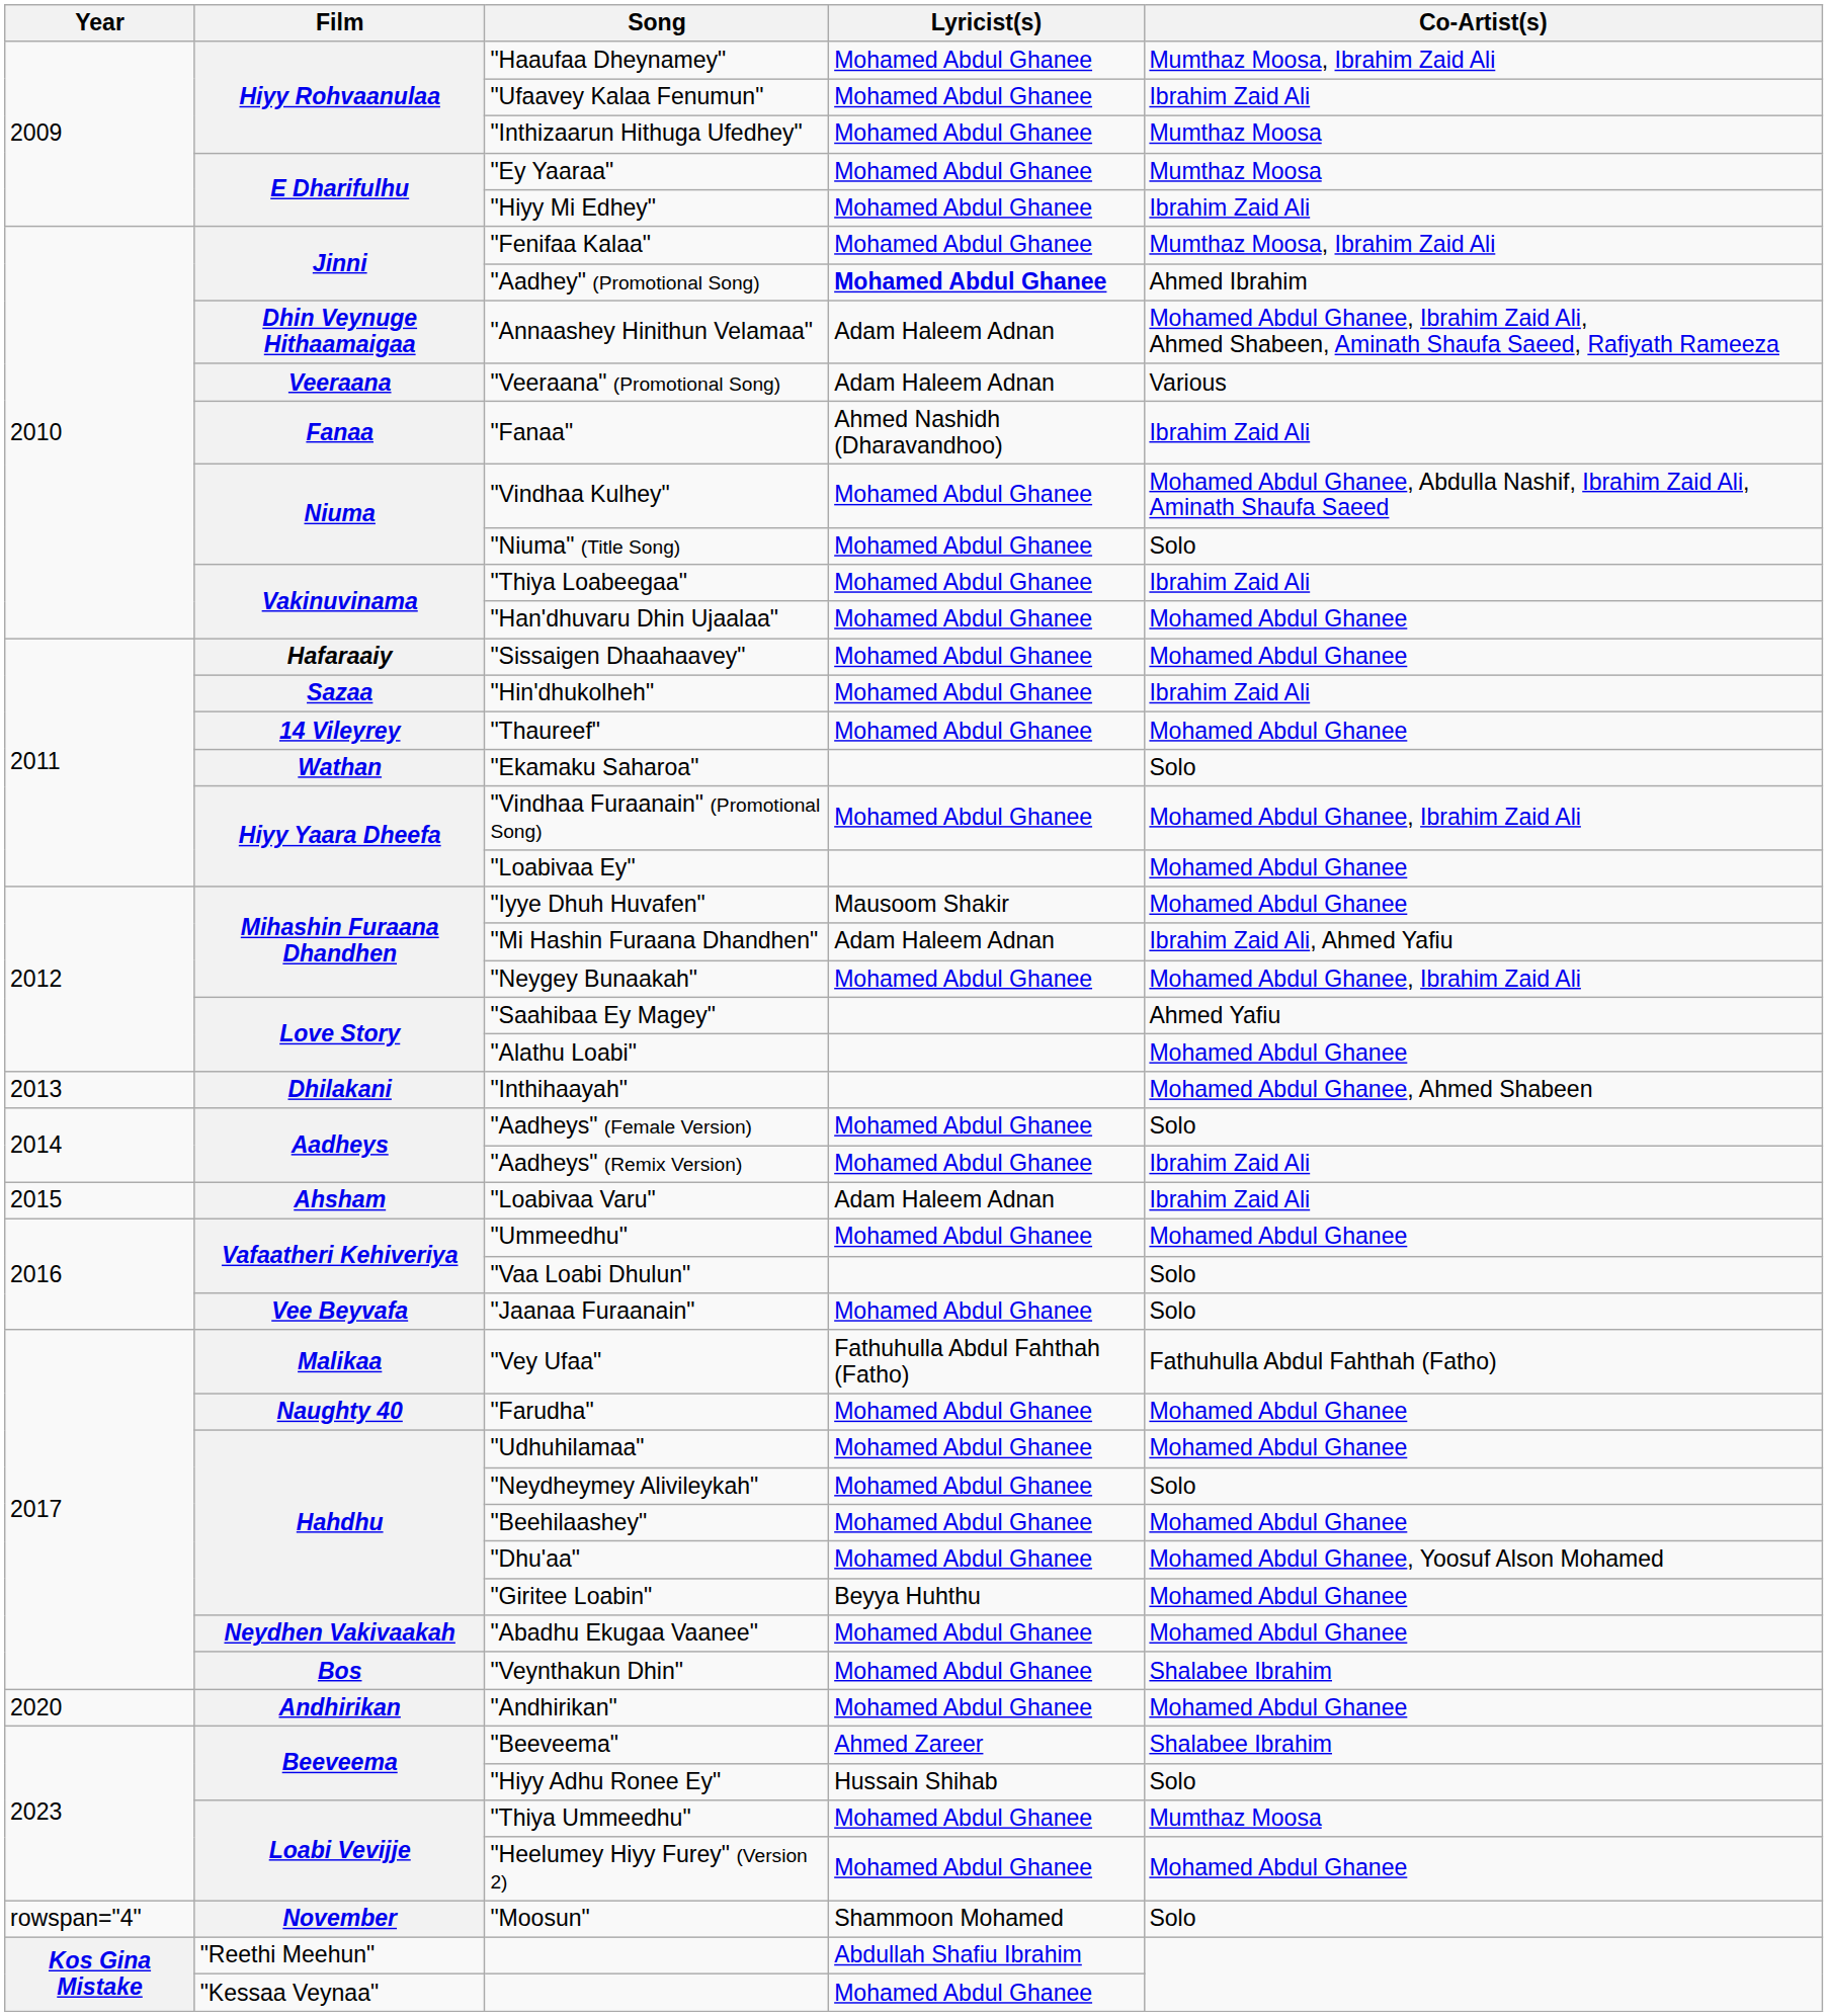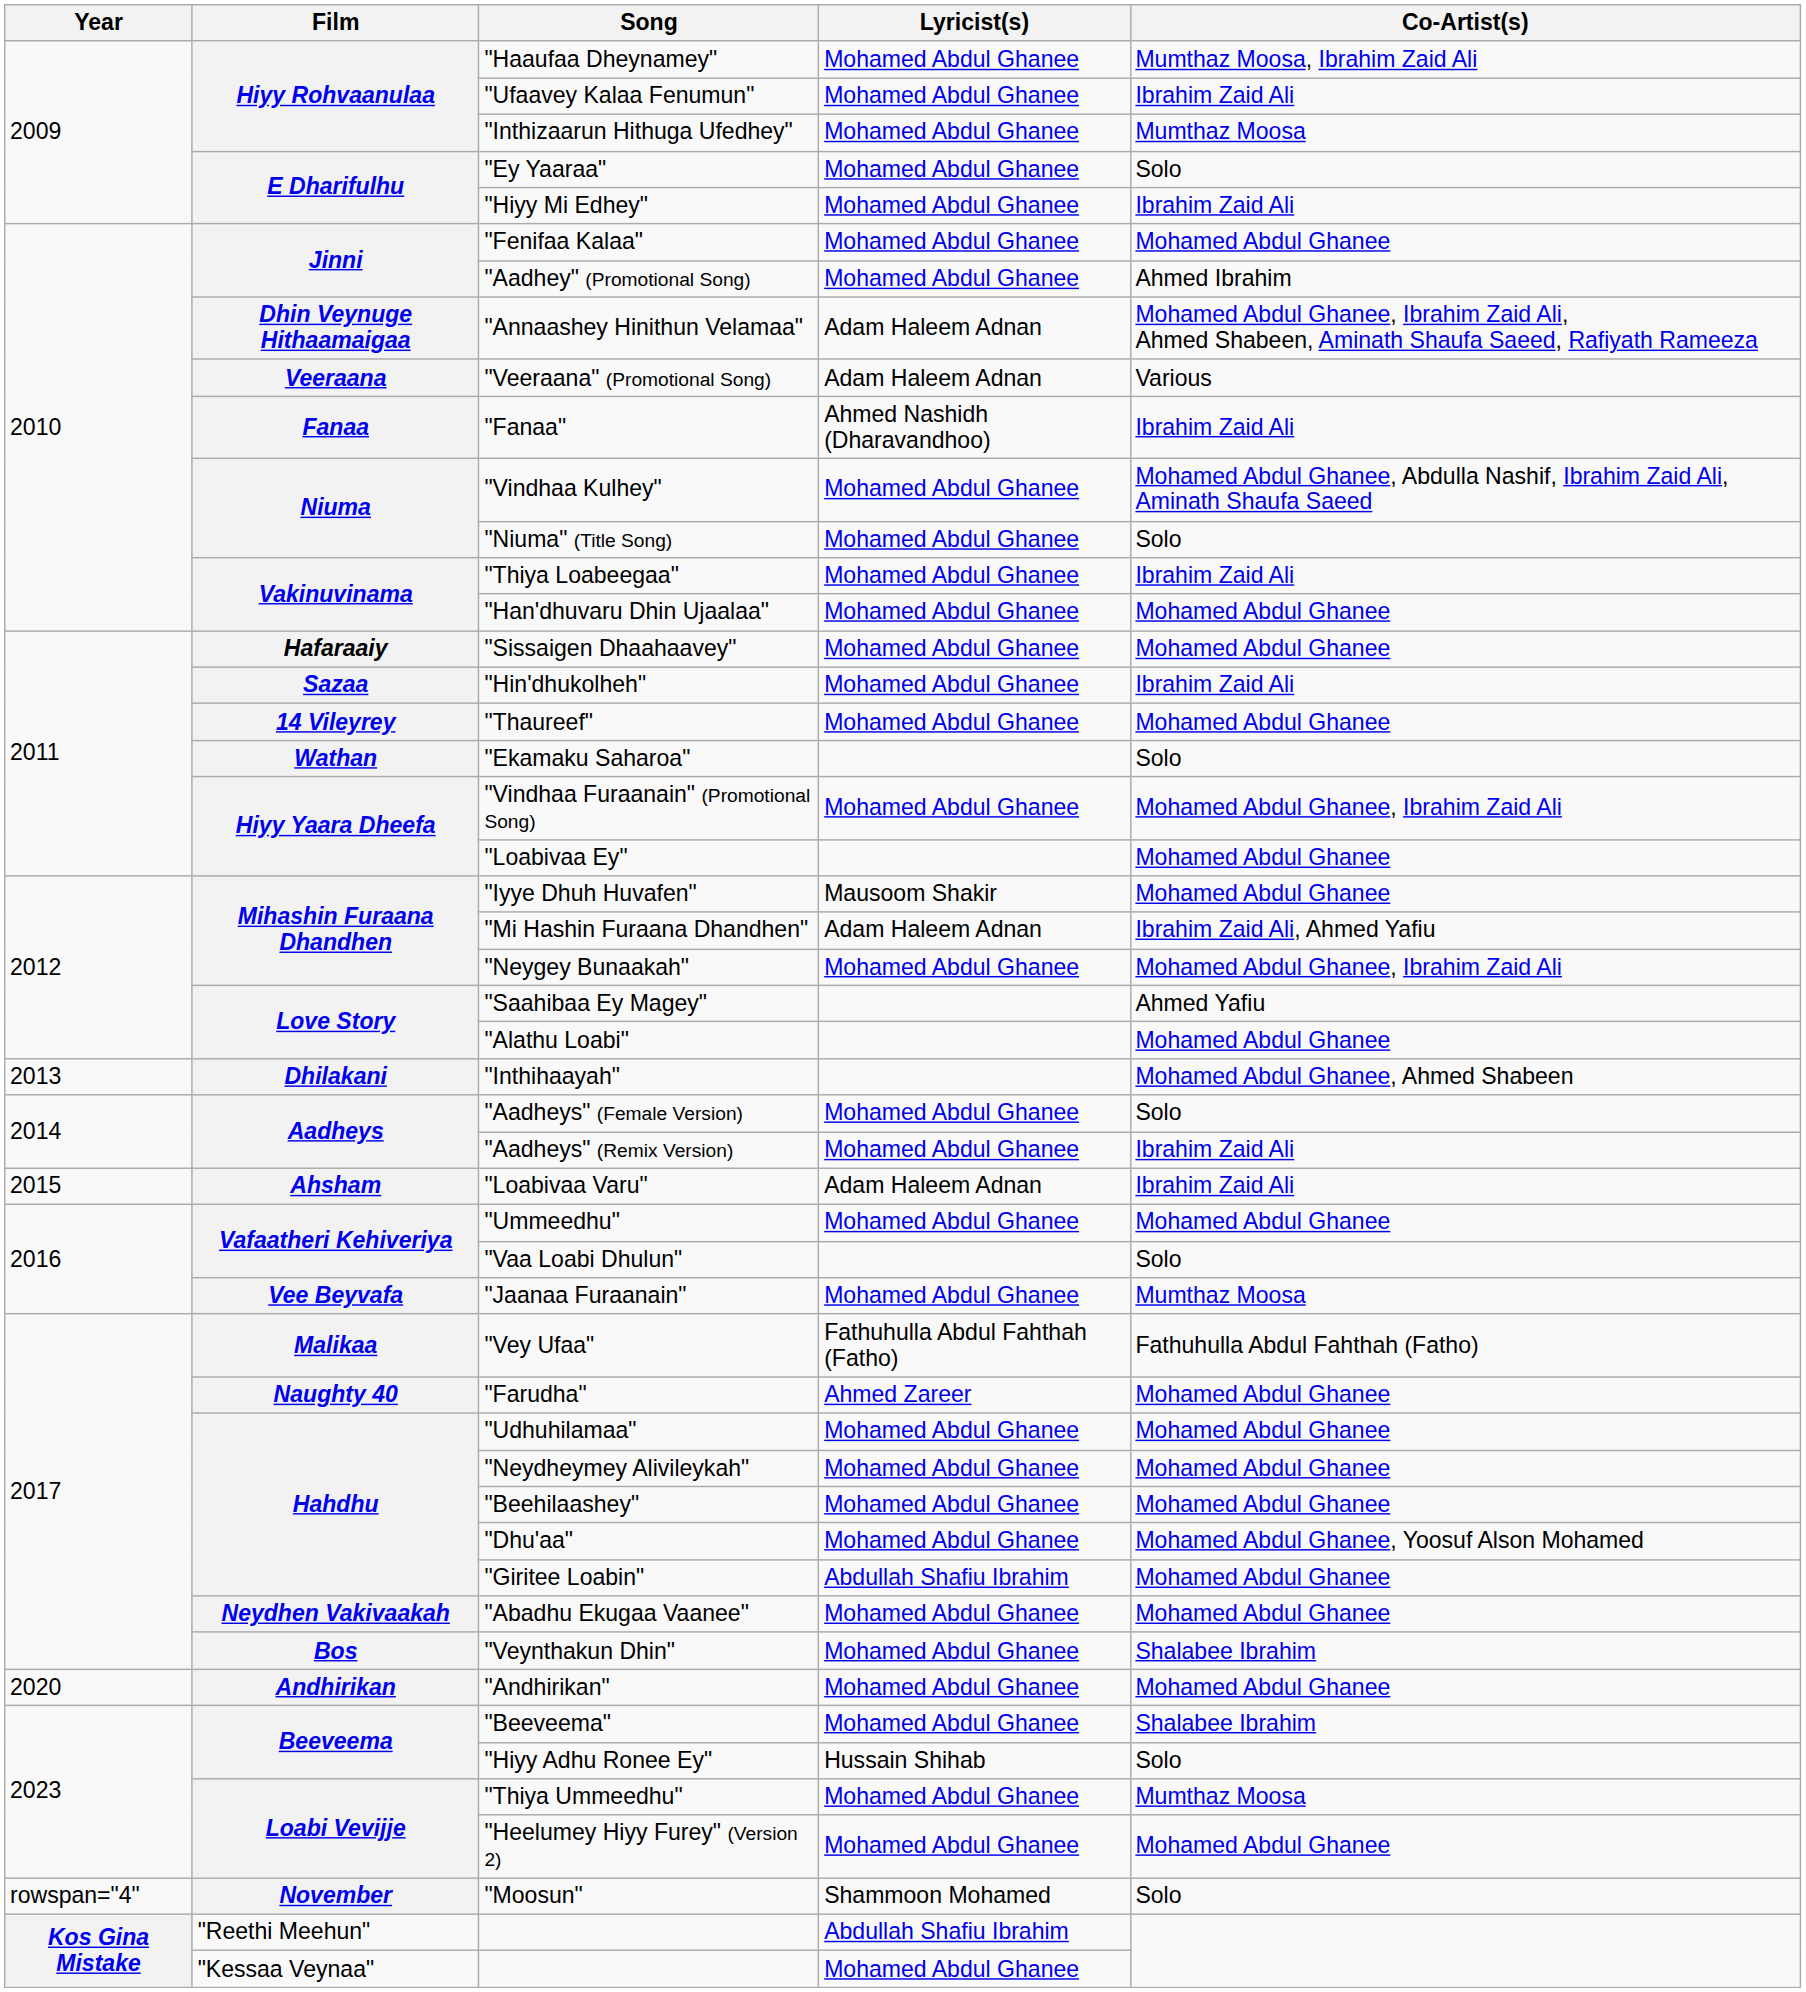 <table class="wikitable plainrowheaders">
 <tr>
 <th scope="col">Year</th>
 <th scope="col">Film</th>
 <th scope="col">Song</th>
 <th>Lyricist(s)</th>
 <th scope="col">Co-Artist(s)</th>
 </tr>
 <tr>
 <td rowspan="5">2009</td>
 <th rowspan="3" scope="row"><em><a href='#'>Hiyy Rohvaanulaa</a></em></th>
 <td>"Haaufaa Dheynamey"</td>
 <td><a href='#'>Mohamed Abdul Ghanee</a></td>
 <td><a href='#'>Mumthaz Moosa</a>, <a href='#'>Ibrahim Zaid Ali</a></td>
 </tr>
 <tr>
 <td>"Ufaavey Kalaa Fenumun"</td>
 <td><a href='#'>Mohamed Abdul Ghanee</a></td>
 <td><a href='#'>Ibrahim Zaid Ali</a></td>
 </tr>
 <tr>
 <td>"Inthizaarun Hithuga Ufedhey"</td>
 <td><a href='#'>Mohamed Abdul Ghanee</a></td>
 <td><a href='#'>Mumthaz Moosa</a></td>
 </tr>
 <tr>
 <th scope="row" rowspan="2"><em><a href='#'>E Dharifulhu</a></em></th>
 <td>"Ey Yaaraa"</td>
 <td><a href='#'>Mohamed Abdul Ghanee</a></td>
-<td><a href='#'>Mumthaz Moosa</a></td>
+<td>Solo</td>
 </tr>
 <tr>
 <td>"Hiyy Mi Edhey"</td>
 <td><a href='#'>Mohamed Abdul Ghanee</a></td>
 <td><a href='#'>Ibrahim Zaid Ali</a></td>
 </tr>
 <tr>
 <td rowspan="9">2010</td>
 <th scope="row" rowspan="2"><em><a href='#'>Jinni</a></em></th>
 <td>"Fenifaa Kalaa"</td>
 <td><a href='#'>Mohamed Abdul Ghanee</a></td>
-<td><a href='#'>Mumthaz Moosa</a>, <a href='#'>Ibrahim Zaid Ali</a></td>
+<td><a href='#'>Mohamed Abdul Ghanee</a></td>
 </tr>
 <tr>
 <td>"Aadhey" <small>(Promotional Song)</small></td>
-<td><strong><a href='#'>Mohamed Abdul Ghanee</a></strong></td>
+<td><a href='#'>Mohamed Abdul Ghanee</a></td>
 <td>Ahmed Ibrahim</td>
 </tr>
 <tr>
 <th scope="row"><em><a href='#'>Dhin Veynuge Hithaamaigaa</a></em></th>
 <td>"Annaashey Hinithun Velamaa"</td>
 <td>Adam Haleem Adnan</td>
 <td><a href='#'>Mohamed Abdul Ghanee</a>, <a href='#'>Ibrahim Zaid Ali</a>, <br>Ahmed Shabeen, <a href='#'>Aminath Shaufa Saeed</a>, <a href='#'>Rafiyath Rameeza</a></td>
 </tr>
 <tr>
 <th scope="row"><em><a href='#'>Veeraana</a></em></th>
 <td>"Veeraana" <small>(Promotional Song)</small></td>
 <td>Adam Haleem Adnan</td>
 <td>Various</td>
 </tr>
 <tr>
 <th scope="row"><em><a href='#'>Fanaa</a></em></th>
 <td>"Fanaa"</td>
 <td>Ahmed Nashidh (Dharavandhoo)</td>
 <td><a href='#'>Ibrahim Zaid Ali</a></td>
 </tr>
 <tr>
 <th scope="row" rowspan="2"><em><a href='#'>Niuma</a></em></th>
 <td>"Vindhaa Kulhey"</td>
 <td><a href='#'>Mohamed Abdul Ghanee</a></td>
 <td><a href='#'>Mohamed Abdul Ghanee</a>, Abdulla Nashif, <a href='#'>Ibrahim Zaid Ali</a>, <a href='#'>Aminath Shaufa Saeed</a></td>
 </tr>
 <tr>
 <td>"Niuma" <small>(Title Song)</small></td>
 <td><a href='#'>Mohamed Abdul Ghanee</a></td>
 <td>Solo</td>
 </tr>
 <tr>
 <th scope="row" rowspan="2"><em><a href='#'>Vakinuvinama</a></em></th>
 <td>"Thiya Loabeegaa"</td>
 <td><a href='#'>Mohamed Abdul Ghanee</a></td>
 <td><a href='#'>Ibrahim Zaid Ali</a></td>
 </tr>
 <tr>
 <td>"Han'dhuvaru Dhin Ujaalaa"</td>
 <td><a href='#'>Mohamed Abdul Ghanee</a></td>
 <td><a href='#'>Mohamed Abdul Ghanee</a></td>
 </tr>
 <tr>
 <td rowspan="6">2011</td>
 <th scope="row"><em>Hafaraaiy</em></th>
 <td>"Sissaigen Dhaahaavey"</td>
 <td><a href='#'>Mohamed Abdul Ghanee</a></td>
 <td><a href='#'>Mohamed Abdul Ghanee</a></td>
 </tr>
 <tr>
 <th scope="row"><em><a href='#'>Sazaa</a></em></th>
 <td>"Hin'dhukolheh"</td>
 <td><a href='#'>Mohamed Abdul Ghanee</a></td>
 <td><a href='#'>Ibrahim Zaid Ali</a></td>
 </tr>
 <tr>
 <th scope="row"><em><a href='#'>14 Vileyrey</a></em></th>
 <td>"Thaureef"</td>
 <td><a href='#'>Mohamed Abdul Ghanee</a></td>
 <td><a href='#'>Mohamed Abdul Ghanee</a></td>
 </tr>
 <tr>
 <th scope="row"><a href='#'><em>Wathan</em></a></th>
 <td>"Ekamaku Saharoa"</td>
 <td></td>
 <td>Solo</td>
 </tr>
 <tr>
 <th rowspan="2" scope="row"><em><a href='#'>Hiyy Yaara Dheefa</a></em></th>
 <td>"Vindhaa Furaanain" <small>(Promotional Song)</small></td>
 <td><a href='#'>Mohamed Abdul Ghanee</a></td>
 <td><a href='#'>Mohamed Abdul Ghanee</a>, <a href='#'>Ibrahim Zaid Ali</a></td>
 </tr>
 <tr>
 <td>"Loabivaa Ey"</td>
 <td></td>
 <td><a href='#'>Mohamed Abdul Ghanee</a></td>
 </tr>
 <tr>
 <td rowspan="5">2012</td>
 <th scope="row" rowspan="3"><em><a href='#'>Mihashin Furaana Dhandhen</a></em></th>
 <td>"Iyye Dhuh Huvafen"</td>
 <td>Mausoom Shakir</td>
 <td><a href='#'>Mohamed Abdul Ghanee</a></td>
 </tr>
 <tr>
 <td>"Mi Hashin Furaana Dhandhen"</td>
 <td>Adam Haleem Adnan</td>
 <td><a href='#'>Ibrahim Zaid Ali</a>, Ahmed Yafiu</td>
 </tr>
 <tr>
 <td>"Neygey Bunaakah"</td>
 <td><a href='#'>Mohamed Abdul Ghanee</a></td>
 <td><a href='#'>Mohamed Abdul Ghanee</a>, <a href='#'>Ibrahim Zaid Ali</a></td>
 </tr>
 <tr>
 <th scope="row" rowspan="2"><em><a href='#'>Love Story</a></em></th>
 <td>"Saahibaa Ey Magey"</td>
 <td></td>
 <td>Ahmed Yafiu</td>
 </tr>
 <tr>
 <td>"Alathu Loabi"</td>
 <td></td>
 <td><a href='#'>Mohamed Abdul Ghanee</a></td>
 </tr>
 <tr>
 <td>2013</td>
 <th scope="row"><em><a href='#'>Dhilakani</a></em></th>
 <td>"Inthihaayah"</td>
 <td></td>
 <td><a href='#'>Mohamed Abdul Ghanee</a>, Ahmed Shabeen</td>
 </tr>
 <tr>
 <td rowspan="2">2014</td>
 <th rowspan="2" scope="row"><em><a href='#'>Aadheys</a></em></th>
 <td>"Aadheys" <small>(Female Version)</small></td>
 <td><a href='#'>Mohamed Abdul Ghanee</a></td>
 <td>Solo</td>
 </tr>
 <tr>
 <td>"Aadheys" <small>(Remix Version)</small></td>
 <td><a href='#'>Mohamed Abdul Ghanee</a></td>
 <td><a href='#'>Ibrahim Zaid Ali</a></td>
 </tr>
 <tr>
 <td>2015</td>
 <th scope="row"><em><a href='#'>Ahsham</a></em></th>
 <td>"Loabivaa Varu" </td>
 <td>Adam Haleem Adnan</td>
 <td><a href='#'>Ibrahim Zaid Ali</a></td>
 </tr>
 <tr>
 <td rowspan="3">2016</td>
 <th rowspan="2" scope="row"><em><a href='#'>Vafaatheri Kehiveriya</a></em></th>
 <td>"Ummeedhu"</td>
 <td><a href='#'>Mohamed Abdul Ghanee</a></td>
 <td><a href='#'>Mohamed Abdul Ghanee</a></td>
 </tr>
 <tr>
 <td>"Vaa Loabi Dhulun"</td>
 <td></td>
 <td>Solo</td>
 </tr>
 <tr>
 <th scope="row"><em><a href='#'>Vee Beyvafa</a></em></th>
 <td>"Jaanaa Furaanain"</td>
 <td><a href='#'>Mohamed Abdul Ghanee</a></td>
-<td>Solo</td>
+<td><a href='#'>Mumthaz Moosa</a></td>
 </tr>
 <tr>
 <td rowspan="9">2017</td>
 <th scope="row"><em><a href='#'>Malikaa</a></em></th>
 <td>"Vey Ufaa"</td>
 <td>Fathuhulla Abdul Fahthah (Fatho)</td>
 <td>Fathuhulla Abdul Fahthah (Fatho)</td>
 </tr>
 <tr>
 <th scope="row"><em><a href='#'>Naughty 40</a></em></th>
 <td>"Farudha"</td>
-<td><a href='#'>Mohamed Abdul Ghanee</a></td>
+<td><a href='#'>Ahmed Zareer</a></td>
 <td><a href='#'>Mohamed Abdul Ghanee</a></td>
 </tr>
 <tr>
 <th rowspan="5" scope="row"><em><a href='#'>Hahdhu</a></em></th>
 <td>"Udhuhilamaa"</td>
 <td><a href='#'>Mohamed Abdul Ghanee</a></td>
 <td><a href='#'>Mohamed Abdul Ghanee</a></td>
 </tr>
 <tr>
 <td>"Neydheymey Alivileykah"</td>
 <td><a href='#'>Mohamed Abdul Ghanee</a></td>
-<td>Solo</td>
+<td><a href='#'>Mohamed Abdul Ghanee</a></td>
 </tr>
 <tr>
 <td>"Beehilaashey" </td>
 <td><a href='#'>Mohamed Abdul Ghanee</a></td>
 <td><a href='#'>Mohamed Abdul Ghanee</a></td>
 </tr>
 <tr>
 <td>"Dhu'aa"</td>
 <td><a href='#'>Mohamed Abdul Ghanee</a></td>
 <td><a href='#'>Mohamed Abdul Ghanee</a>, Yoosuf Alson Mohamed</td>
 </tr>
 <tr>
 <td>"Giritee Loabin"</td>
-<td>Beyya Huhthu</td>
+<td><a href='#'>Abdullah Shafiu Ibrahim</a></td>
 <td><a href='#'>Mohamed Abdul Ghanee</a></td>
 </tr>
 <tr>
 <th scope="row"><em><a href='#'>Neydhen Vakivaakah</a></em></th>
 <td>"Abadhu Ekugaa Vaanee"</td>
 <td><a href='#'>Mohamed Abdul Ghanee</a></td>
 <td><a href='#'>Mohamed Abdul Ghanee</a></td>
 </tr>
 <tr>
 <th scope="row"><em><a href='#'>Bos</a></em></th>
 <td>"Veynthakun Dhin"</td>
 <td><a href='#'>Mohamed Abdul Ghanee</a></td>
 <td><a href='#'>Shalabee Ibrahim</a></td>
 </tr>
 <tr>
 <td>2020</td>
 <th scope="row"><em><a href='#'>Andhirikan</a></em></th>
 <td>"Andhirikan"</td>
 <td><a href='#'>Mohamed Abdul Ghanee</a></td>
 <td><a href='#'>Mohamed Abdul Ghanee</a></td>
 </tr>
 <tr>
 <td rowspan="4">2023</td>
 <th scope="row" rowspan="2"><em><a href='#'>Beeveema</a></em></th>
 <td>"Beeveema"</td>
-<td><a href='#'>Ahmed Zareer</a></td>
+<td><a href='#'>Mohamed Abdul Ghanee</a></td>
 <td><a href='#'>Shalabee Ibrahim</a></td>
 </tr>
 <tr>
 <td>"Hiyy Adhu Ronee Ey"</td>
 <td>Hussain Shihab</td>
 <td>Solo</td>
 </tr>
 <tr>
 <th scope="row" rowspan="2"><em><a href='#'>Loabi Vevijje</a></em></th>
 <td>"Thiya Ummeedhu"</td>
 <td><a href='#'>Mohamed Abdul Ghanee</a></td>
 <td><a href='#'>Mumthaz Moosa</a></td>
 </tr>
 <tr>
 <td>"Heelumey Hiyy Furey" <small>(Version 2)</small></td>
 <td><a href='#'>Mohamed Abdul Ghanee</a></td>
 <td><a href='#'>Mohamed Abdul Ghanee</a></td>
 </tr>
 <tr>
 <td>rowspan="4" </td>
 <th scope="row"><em><a href='#'>November</a></em></th>
 <td>"Moosun"</td>
 <td>Shammoon Mohamed</td>
 <td>Solo</td>
 </tr>
 <tr>
 <th rowspan="2" scope="row"><em><a href='#'>Kos Gina Mistake</a></em></th>
 <td>"Reethi Meehun"</td>
 <td></td>
 <td><a href='#'>Abdullah Shafiu Ibrahim</a></td>
 </tr>
 <tr>
 <td>"Kessaa Veynaa"</td>
 <td></td>
 <td><a href='#'>Mohamed Abdul Ghanee</a></td>
 </tr>
 <tr>
 </tr>
 </table>
